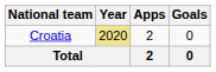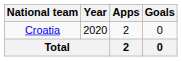 <table class=wikitable style="text-align: center">
 <tr>
 <th>National team</th>
 <th>Year</th>
 <th>Apps</th>
 <th>Goals</th>
 </tr>
 <tr>
 <td rowspan=1><a href='#'>Croatia</a></td>
-<td style="background: khaki;">2020</td>
+<td>2020</td>
 <td>2</td>
 <td>0</td>
 </tr>
 <tr>
 <th colspan=2>Total</th>
 <th>2</th>
 <th>0</th>
 </tr>
 </table>
